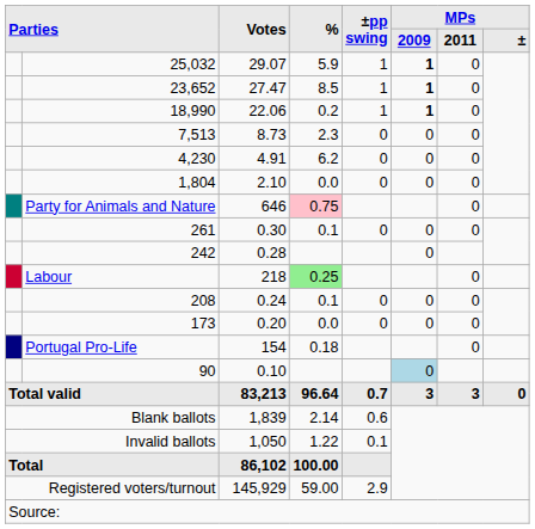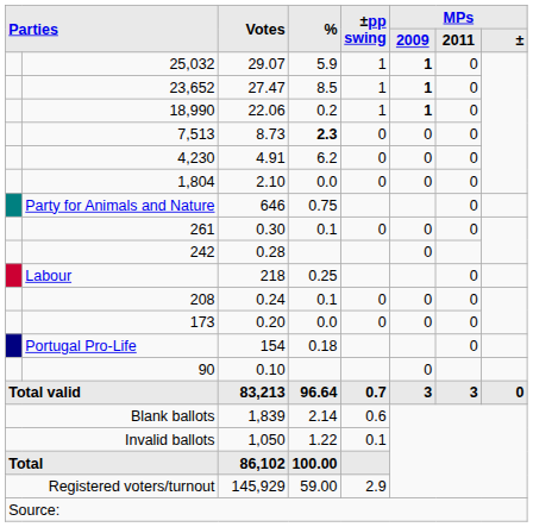 <table class="wikitable" style="text-align:right; font-size:95%;">
 <tr>
 <th rowspan="2" colspan="2" style="background:#e9e9e9; text-align:left;" alignleft><a href='#'>Parties</a></th>
 <th rowspan="2" style="background:#e9e9e9; text-align:right;">Votes</th>
 <th rowspan="2" style="background:#e9e9e9; text-align:right;">%</th>
 <th rowspan="2" style="background:#e9e9e9; text-align:right;">±<a href='#'>pp</a> <a href='#'>swing</a></th>
 <th colspan="3" style="background:#e9e9e9; text-align:center;"><a href='#'>MPs</a></th>
 </tr>
 <tr style="background-color:#E9E9E9">
 <th style="background-color:#E9E9E9;text-align:center;"><a href='#'>2009</a></th>
 <th style="background-color:#E9E9E9;text-align:center;">2011</th>
 <th style="background:#e9e9e9; text-align:right;">±</th>
 </tr>
 <tr>
 <td></td>
 <td>25,032</td>
 <td>29.07</td>
 <td>5.9</td>
 <td>1</td>
 <td><strong>1</strong></td>
 <td>0</td>
 </tr>
 <tr>
 <td></td>
 <td>23,652</td>
 <td>27.47</td>
 <td>8.5</td>
 <td>1</td>
 <td><strong>1</strong></td>
 <td>0</td>
 </tr>
 <tr>
 <td></td>
 <td>18,990</td>
 <td>22.06</td>
 <td>0.2</td>
 <td>1</td>
 <td><strong>1</strong></td>
 <td>0</td>
 </tr>
 <tr>
 <td></td>
 <td>7,513</td>
 <td>8.73</td>
-<td>2.3</td>
+<td><strong>2.3</strong></td>
 <td>0</td>
 <td>0</td>
 <td>0</td>
 </tr>
 <tr>
 <td></td>
 <td>4,230</td>
 <td>4.91</td>
 <td>6.2</td>
 <td>0</td>
 <td>0</td>
 <td>0</td>
 </tr>
 <tr>
 <td></td>
 <td>1,804</td>
 <td>2.10</td>
 <td>0.0</td>
 <td>0</td>
 <td>0</td>
 <td>0</td>
 </tr>
 <tr>
 <td style="width: 10px" bgcolor="teal" align="center"></td>
 <td align="left"><a href='#'>Party for Animals and Nature</a></td>
 <td>646</td>
-<td style="background: pink;">0.75</td>
+<td>0.75</td>
 <td></td>
 <td></td>
 <td>0</td>
 <td></td>
 </tr>
 <tr>
 <td></td>
 <td>261</td>
 <td>0.30</td>
 <td>0.1</td>
 <td>0</td>
 <td>0</td>
 <td>0</td>
 </tr>
 <tr>
 <td></td>
 <td>242</td>
 <td>0.28</td>
 <td></td>
 <td></td>
 <td>0</td>
 <td></td>
 </tr>
 <tr>
 <td style="width: 10px" bgcolor=#CC0033 align="center"></td>
 <td align=left><a href='#'>Labour</a></td>
 <td>218</td>
-<td style="background: lightgreen;">0.25</td>
+<td>0.25</td>
 <td></td>
 <td></td>
 <td>0</td>
 <td></td>
 </tr>
 <tr>
 <td></td>
 <td>208</td>
 <td>0.24</td>
 <td>0.1</td>
 <td>0</td>
 <td>0</td>
 <td>0</td>
 </tr>
 <tr>
 <td></td>
 <td>173</td>
 <td>0.20</td>
 <td>0.0</td>
 <td>0</td>
 <td>0</td>
 <td>0</td>
 </tr>
 <tr>
 <td style="width:10px;background-color:#000080;text-align:center;"></td>
 <td style="text-align:left;"><a href='#'>Portugal Pro-Life</a></td>
 <td>154</td>
 <td>0.18</td>
 <td></td>
 <td></td>
 <td>0</td>
 <td></td>
 </tr>
 <tr>
 <td></td>
 <td>90</td>
 <td>0.10</td>
 <td></td>
 <td></td>
-<td style="background: lightblue;">0</td>
+<td>0</td>
 <td></td>
 </tr>
 <tr>
 <td colspan=2 align=left style="background-color:#E9E9E9"><strong>Total valid</strong></td>
 <td width="65" align="right" style="background-color:#E9E9E9"><strong>83,213</strong></td>
 <td width="40" align="right" style="background-color:#E9E9E9"><strong>96.64</strong></td>
 <td width="40" align="right" style="background-color:#E9E9E9"><strong>0.7</strong></td>
 <td width="40" align="right" style="background-color:#E9E9E9"><strong>3</strong></td>
 <td width="40" align="right" style="background-color:#E9E9E9"><strong>3</strong></td>
 <td width="40" align="right" style="background-color:#E9E9E9"><strong>0</strong></td>
 </tr>
 <tr>
 <td colspan=2>Blank ballots</td>
 <td>1,839</td>
 <td>2.14</td>
 <td>0.6</td>
 <td colspan=4 rowspan=4></td>
 </tr>
 <tr>
 <td colspan=2>Invalid ballots</td>
 <td>1,050</td>
 <td>1.22</td>
 <td>0.1</td>
 </tr>
 <tr>
 <td colspan=2 align=left style="background-color:#E9E9E9"><strong>Total</strong></td>
 <td width="50" align="right" style="background-color:#E9E9E9"><strong>86,102</strong></td>
 <td width="40" align="right" style="background-color:#E9E9E9"><strong>100.00</strong></td>
 <td width="40" align="right" style="background-color:#E9E9E9"></td>
 </tr>
 <tr>
 <td colspan=2>Registered voters/turnout</td>
 <td>145,929</td>
 <td>59.00</td>
 <td>2.9</td>
 </tr>
 <tr>
 <td colspan=11 align=left>Source: </td>
 </tr>
 </table>
